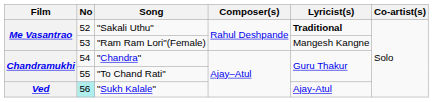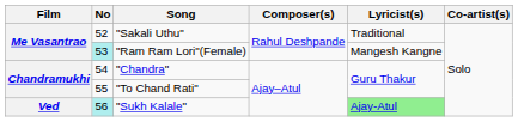 <table class="wikitable">
 <tr>
 <th>Film</th>
 <th>No</th>
 <th>Song</th>
 <th>Composer(s)</th>
 <th>Lyricist(s)</th>
 <th>Co-artist(s)</th>
 </tr>
 <tr>
 <th rowspan="2"><em><a href='#'>Me Vasantrao</a></em></th>
 <td>52</td>
 <td>"Sakali Uthu"</td>
 <td rowspan="2"><a href='#'>Rahul Deshpande</a></td>
-<td><strong>Traditional</strong></td>
+<td>Traditional</td>
 <td rowspan="5">Solo</td>
 </tr>
 <tr>
-<td>53</td>
+<td style="background: paleturquoise;">53</td>
 <td>"Ram Ram Lori"(Female)</td>
 <td>Mangesh Kangne</td>
 </tr>
 <tr>
 <th rowspan="2"><em><a href='#'>Chandramukhi</a></em></th>
 <td>54</td>
 <td>"<a href='#'>Chandra</a>"</td>
 <td rowspan="3"><a href='#'>Ajay–Atul</a></td>
 <td rowspan="2"><a href='#'>Guru Thakur</a></td>
 </tr>
 <tr>
 <td>55</td>
 <td>"To Chand Rati"</td>
 </tr>
 <tr>
 <th><em><a href='#'>Ved</a></em></th>
 <td style="background: paleturquoise;">56</td>
 <td>"<a href='#'>Sukh Kalale</a>"</td>
-<td><a href='#'>Ajay-Atul</a></td>
+<td style="background: lightgreen;"><a href='#'>Ajay-Atul</a></td>
 </tr>
 </table>
